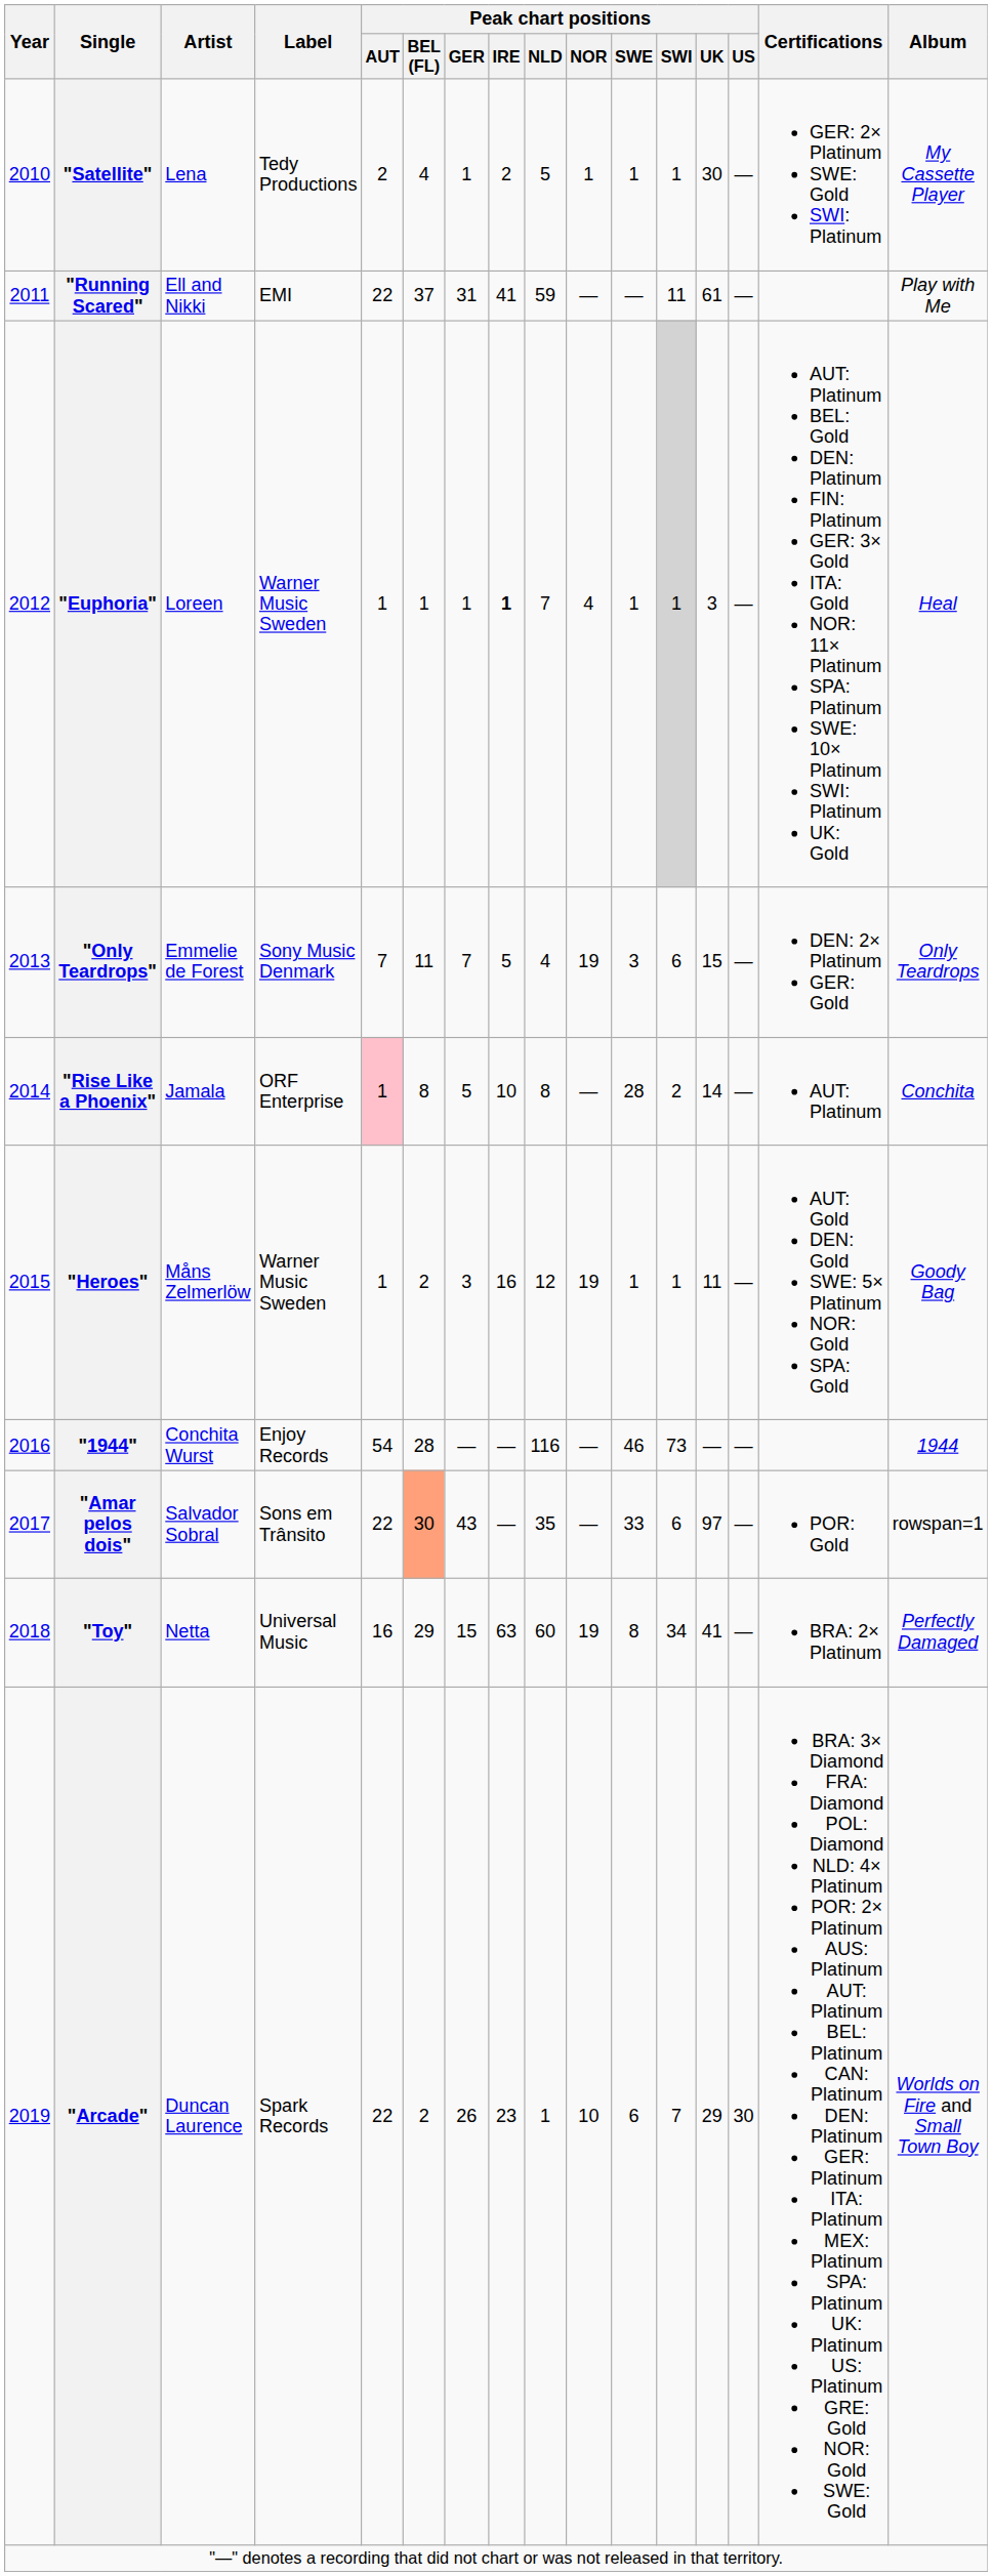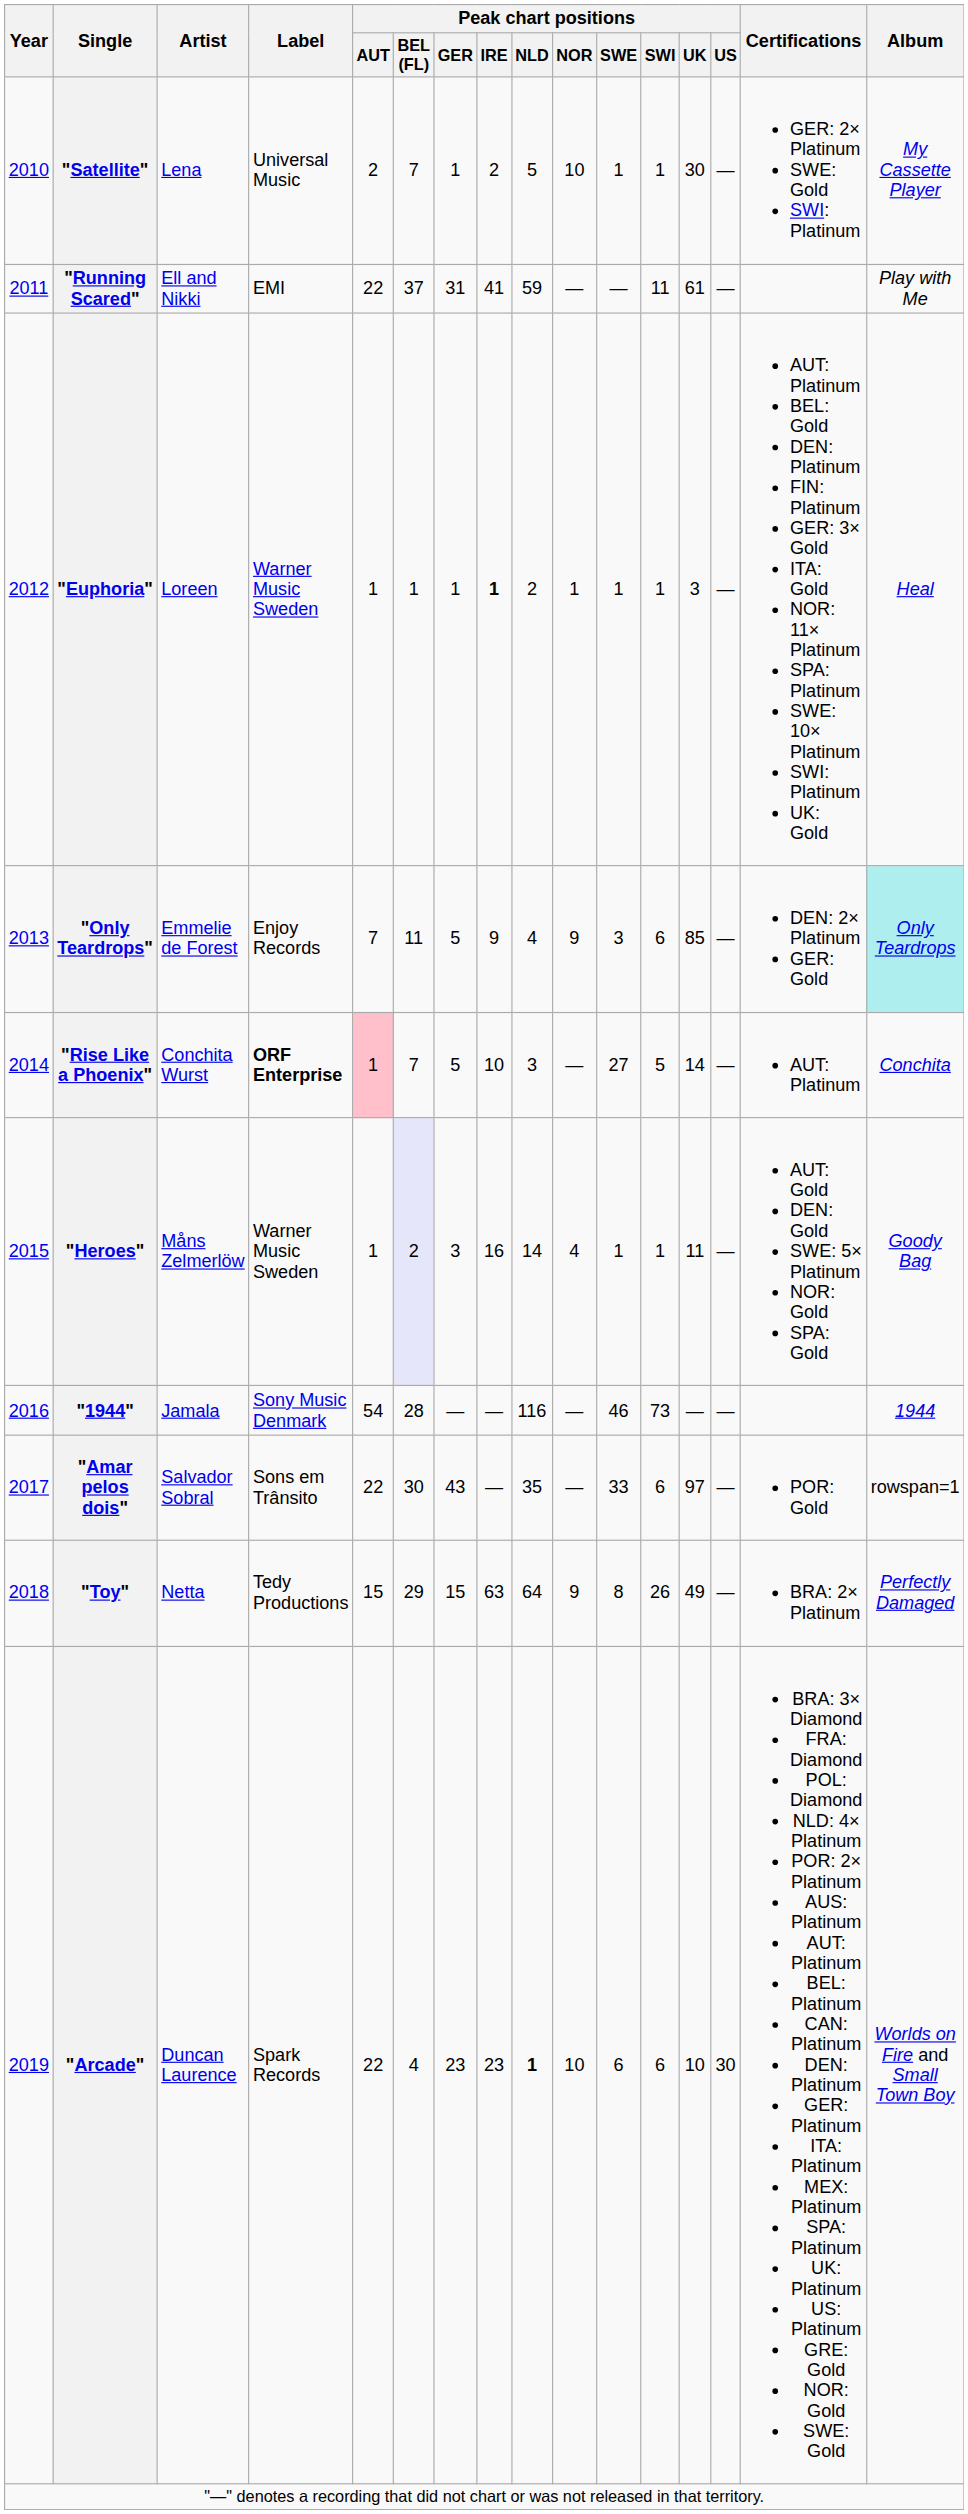 <table class="wikitable plainrowheaders" style="text-align:center;width:100%;">
 <tr>
 <th rowspan="2" style="width:35px;">Year</th>
 <th rowspan="2" style="width:10em;">Single</th>
 <th rowspan="2" style="width:10em;">Artist</th>
 <th rowspan="2" style="width:6em;">Label</th>
 <th colspan="10">Peak chart positions</th>
 <th rowspan="2" style="width:12em;">Certifications</th>
 <th rowspan="2" style="width:10em;">Album</th>
 </tr>
 <tr>
 <th scope="col" style="width:2.5em;font-size:90%;">AUT<br></th>
 <th scope="col" style="width:2.5em;font-size:90%;">BEL<br>(FL)<br></th>
 <th scope="col" style="width:2.5em;font-size:90%;">GER<br></th>
 <th scope="col" style="width:2.5em;font-size:90%;">IRE<br></th>
 <th scope="col" style="width:2.5em;font-size:90%;">NLD<br></th>
 <th scope="col" style="width:2.5em;font-size:90%;">NOR <br></th>
 <th scope="col" style="width:2.5em;font-size:90%;">SWE<br></th>
 <th scope="col" style="width:2.5em;font-size:90%;">SWI<br></th>
 <th scope="col" style="width:2.5em;font-size:90%;">UK<br></th>
 <th scope="col" style="width:2.5em;font-size:90%;">US<br></th>
 </tr>
 <tr>
 <td><a href='#'>2010</a></td>
 <th scope="row">"<a href='#'>Satellite</a>"</th>
 <td style="text-align:left;"><a href='#'>Lena</a></td>
-<td style="text-align:left;">Tedy Productions</td>
+<td style="text-align:left;">Universal Music</td>
 <td>2</td>
-<td>4</td>
+<td>7</td>
 <td>1</td>
 <td>2</td>
 <td>5</td>
-<td>1</td>
+<td>10</td>
 <td>1</td>
 <td>1</td>
 <td>30</td>
 <td>—</td>
 <td style="text-align:left;"><br><ul><li>GER: 2× Platinum</li><li>SWE: Gold</li><li><a href='#'>SWI</a>: Platinum</li></ul></td>
 <td><em><a href='#'>My Cassette Player</a></em></td>
 </tr>
 <tr>
 <td><a href='#'>2011</a></td>
 <th scope="row">"<a href='#'>Running Scared</a>"</th>
 <td style="text-align:left;"><a href='#'>Ell and Nikki</a></td>
 <td style="text-align:left;">EMI</td>
 <td>22</td>
 <td>37</td>
 <td>31</td>
 <td>41</td>
 <td>59</td>
 <td>—</td>
 <td>—</td>
 <td>11</td>
 <td>61</td>
 <td>—</td>
 <td style="text-align:left;"></td>
 <td><em>Play with Me</em></td>
 </tr>
 <tr>
 <td><a href='#'>2012</a></td>
 <th scope="row">"<a href='#'>Euphoria</a>"</th>
 <td style="text-align:left;"><a href='#'>Loreen</a></td>
 <td style="text-align:left;"><a href='#'>Warner Music Sweden</a></td>
 <td>1</td>
 <td>1</td>
 <td>1</td>
 <td><strong>1</strong></td>
-<td>7</td>
-<td>4</td>
+<td>2</td>
 <td>1</td>
-<td style="background: lightgrey;">1</td>
+<td>1</td>
+<td>1</td>
 <td>3</td>
 <td>—</td>
 <td style="text-align:left;"><br><ul><li>AUT: Platinum</li><li>BEL: Gold</li><li>DEN: Platinum</li><li>FIN: Platinum</li><li>GER: 3× Gold</li><li>ITA: Gold</li><li>NOR: 11× Platinum</li><li>SPA: Platinum</li><li>SWE: 10× Platinum</li><li>SWI: Platinum</li><li>UK: Gold</li></ul></td>
 <td><em><a href='#'>Heal</a></em></td>
 </tr>
 <tr>
 <td><a href='#'>2013</a></td>
 <th scope="row">"<a href='#'>Only Teardrops</a>"</th>
 <td style="text-align:left;"><a href='#'>Emmelie de Forest</a></td>
-<td style="text-align:left;"><a href='#'>Sony Music Denmark</a></td>
+<td style="text-align:left;">Enjoy Records</td>
 <td>7</td>
 <td>11</td>
-<td>7</td>
 <td>5</td>
+<td>9</td>
 <td>4</td>
-<td>19</td>
+<td>9</td>
 <td>3</td>
 <td>6</td>
-<td>15</td>
+<td>85</td>
 <td>—</td>
 <td style="text-align:left;"><br><ul><li>DEN: 2× Platinum</li><li>GER: Gold</li></ul></td>
-<td><em><a href='#'>Only Teardrops</a></em></td>
+<td style="background: paleturquoise;"><em><a href='#'>Only Teardrops</a></em></td>
 </tr>
 <tr>
 <td><a href='#'>2014</a></td>
 <th scope="row">"<a href='#'>Rise Like a Phoenix</a>"</th>
-<td style="text-align:left;"><a href='#'>Jamala</a></td>
-<td style="text-align:left;">ORF Enterprise</td>
+<td style="text-align:left;"><a href='#'>Conchita Wurst</a></td>
+<td style="text-align:left;"><strong>ORF Enterprise</strong></td>
 <td style="background: pink;">1</td>
-<td>8</td>
+<td>7</td>
 <td>5</td>
 <td>10</td>
-<td>8</td>
+<td>3</td>
 <td>—</td>
-<td>28</td>
-<td>2</td>
+<td>27</td>
+<td>5</td>
 <td>14</td>
 <td>—</td>
 <td style="text-align:left;"><br><ul><li>AUT: Platinum</li></ul></td>
 <td><em><a href='#'>Conchita</a></em></td>
 </tr>
 <tr>
 <td><a href='#'>2015</a></td>
 <th scope="row">"<a href='#'>Heroes</a>"</th>
 <td style="text-align:left;"><a href='#'>Måns Zelmerlöw</a></td>
 <td style="text-align:left;">Warner Music Sweden</td>
 <td>1</td>
-<td>2</td>
+<td style="background: lavender;">2</td>
 <td>3</td>
 <td>16</td>
-<td>12</td>
-<td>19</td>
+<td>14</td>
+<td>4</td>
 <td>1</td>
 <td>1</td>
 <td>11</td>
 <td>—</td>
 <td style="text-align:left;"><br><ul><li>AUT: Gold</li><li>DEN: Gold</li><li>SWE: 5× Platinum</li><li>NOR: Gold</li><li>SPA: Gold</li></ul></td>
 <td><em><a href='#'>Goody Bag</a></em></td>
 </tr>
 <tr>
 <td><a href='#'>2016</a></td>
 <th scope="row">"<a href='#'>1944</a>"</th>
-<td style="text-align:left;"><a href='#'>Conchita Wurst</a></td>
-<td style="text-align:left;">Enjoy Records</td>
+<td style="text-align:left;"><a href='#'>Jamala</a></td>
+<td style="text-align:left;"><a href='#'>Sony Music Denmark</a></td>
 <td>54</td>
 <td>28</td>
 <td>—</td>
 <td>—</td>
 <td>116</td>
 <td>—</td>
 <td>46</td>
 <td>73</td>
 <td>—</td>
 <td>—</td>
 <td style="text-align:left;"></td>
 <td><em><a href='#'>1944</a></em></td>
 </tr>
 <tr>
 <td><a href='#'>2017</a></td>
 <th scope="row">"<a href='#'>Amar pelos dois</a>"</th>
 <td style="text-align:left;"><a href='#'>Salvador Sobral</a></td>
 <td style="text-align:left;">Sons em Trânsito</td>
 <td>22</td>
-<td style="background: lightsalmon;">30</td>
+<td>30</td>
 <td>43</td>
 <td>—</td>
 <td>35</td>
 <td>—</td>
 <td>33</td>
 <td>6</td>
 <td>97</td>
 <td>—</td>
 <td style="text-align:left;"><br><ul><li>POR: Gold</li></ul></td>
 <td>rowspan=1 </td>
 </tr>
 <tr>
 <td><a href='#'>2018</a></td>
 <th scope="row">"<a href='#'>Toy</a>"</th>
 <td style="text-align:left;"><a href='#'>Netta</a></td>
-<td style="text-align:left;">Universal Music</td>
-<td>16</td>
+<td style="text-align:left;">Tedy Productions</td>
+<td>15</td>
 <td>29</td>
 <td>15<br></td>
 <td>63</td>
-<td>60</td>
-<td>19</td>
+<td>64</td>
+<td>9</td>
 <td>8</td>
-<td>34</td>
-<td>41<br></td>
+<td>26</td>
+<td>49<br></td>
 <td>—</td>
 <td style="text-align:left;"><br><ul><li>BRA: 2× Platinum</li></ul></td>
 <td><em><a href='#'>Perfectly Damaged</a></em></td>
 </tr>
 <tr>
 <td><a href='#'>2019</a></td>
 <th scope="row">"<a href='#'>Arcade</a>"</th>
 <td style="text-align:left;"><a href='#'>Duncan Laurence</a></td>
 <td style="text-align:left;">Spark Records</td>
 <td>22</td>
-<td>2</td>
-<td>26</td>
+<td>4</td>
 <td>23</td>
-<td>1</td>
+<td>23</td>
+<td><strong>1</strong></td>
 <td>10</td>
 <td>6</td>
-<td>7</td>
-<td>29</td>
+<td>6</td>
+<td>10</td>
 <td>30</td>
 <td><br><ul><li>BRA: 3× Diamond</li><li>FRA: Diamond</li><li>POL: Diamond</li><li>NLD: 4× Platinum</li><li>POR: 2× Platinum</li><li>AUS: Platinum</li><li>AUT: Platinum</li><li>BEL: Platinum</li><li>CAN: Platinum</li><li>DEN: Platinum</li><li>GER: Platinum</li><li>ITA: Platinum</li><li>MEX: Platinum</li><li>SPA: Platinum</li><li>UK: Platinum</li><li>US: Platinum</li><li>GRE: Gold</li><li>NOR: Gold</li><li>SWE: Gold</li></ul></td>
 <td><em><a href='#'>Worlds on Fire</a></em> and <em><a href='#'>Small Town Boy</a></em></td>
 </tr>
 <tr>
 <td colspan="16" style="font-size:90%">"—" denotes a recording that did not chart or was not released in that territory.</td>
 </tr>
 <tr>
 </tr>
 </table>
